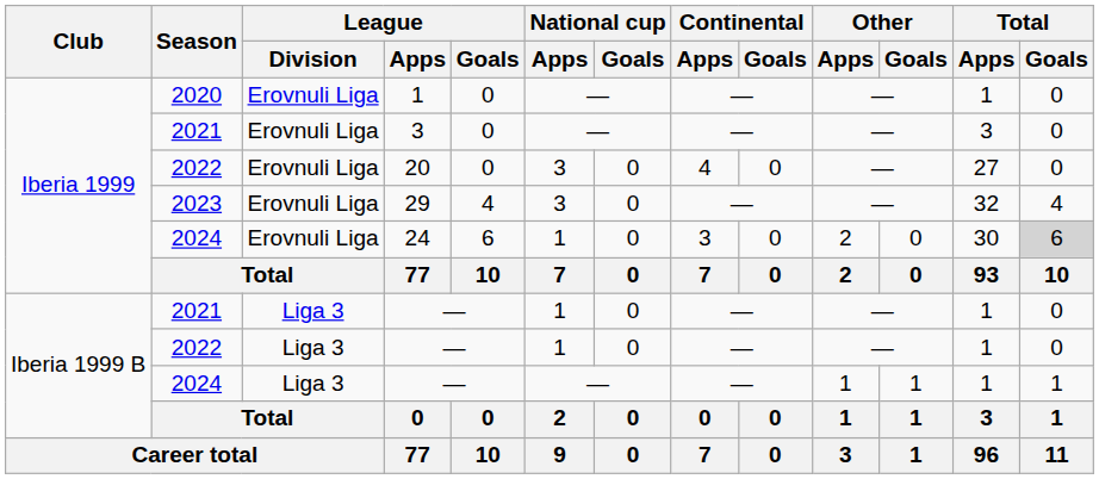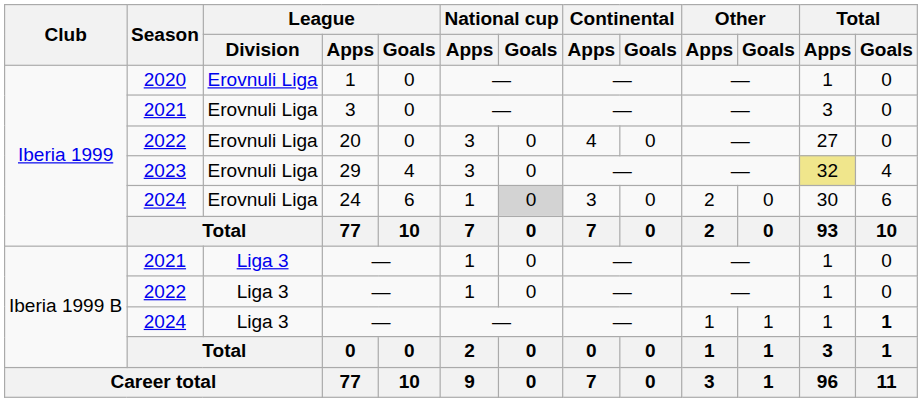 <table class="wikitable" style="text-align:center">
 <tr>
 <th rowspan="2">Club</th>
 <th rowspan="2">Season</th>
 <th colspan="3">League</th>
 <th colspan="2">National cup</th>
 <th colspan="2">Continental</th>
 <th colspan="2">Other</th>
 <th colspan="2">Total</th>
 </tr>
 <tr>
 <th>Division</th>
 <th>Apps</th>
 <th>Goals</th>
 <th>Apps</th>
 <th>Goals</th>
 <th>Apps</th>
 <th>Goals</th>
 <th>Apps</th>
 <th>Goals</th>
 <th>Apps</th>
 <th>Goals</th>
 </tr>
 <tr>
 <td rowspan="6"><a href='#'>Iberia 1999</a></td>
 <td><a href='#'>2020</a></td>
 <td><a href='#'>Erovnuli Liga</a></td>
 <td>1</td>
 <td>0</td>
 <td colspan="2">—</td>
 <td colspan="2">—</td>
 <td colspan="2">—</td>
 <td>1</td>
 <td>0</td>
 </tr>
 <tr>
 <td><a href='#'>2021</a></td>
 <td>Erovnuli Liga</td>
 <td>3</td>
 <td>0</td>
 <td colspan="2">—</td>
 <td colspan="2">—</td>
 <td colspan="2">—</td>
 <td>3</td>
 <td>0</td>
 </tr>
 <tr>
 <td><a href='#'>2022</a></td>
 <td>Erovnuli Liga</td>
 <td>20</td>
 <td>0</td>
 <td>3</td>
 <td>0</td>
 <td>4</td>
 <td>0</td>
 <td colspan="2">—</td>
 <td>27</td>
 <td>0</td>
 </tr>
 <tr>
 <td><a href='#'>2023</a></td>
 <td>Erovnuli Liga</td>
 <td>29</td>
 <td>4</td>
 <td>3</td>
 <td>0</td>
 <td colspan="2">—</td>
 <td colspan="2">—</td>
-<td>32</td>
+<td style="background: khaki;">32</td>
 <td>4</td>
 </tr>
 <tr>
 <td><a href='#'>2024</a></td>
 <td>Erovnuli Liga</td>
 <td>24</td>
 <td>6</td>
 <td>1</td>
-<td>0</td>
+<td style="background: lightgrey;">0</td>
 <td>3</td>
 <td>0</td>
 <td>2</td>
 <td>0</td>
 <td>30</td>
-<td style="background: lightgrey;">6</td>
+<td>6</td>
 </tr>
 <tr>
 <th colspan="2">Total</th>
 <th>77</th>
 <th>10</th>
 <th>7</th>
 <th>0</th>
 <th>7</th>
 <th>0</th>
 <th>2</th>
 <th>0</th>
 <th>93</th>
 <th>10</th>
 </tr>
 <tr>
 <td rowspan="4">Iberia 1999 B</td>
 <td><a href='#'>2021</a></td>
 <td><a href='#'>Liga 3</a></td>
 <td colspan="2">—</td>
 <td>1</td>
 <td>0</td>
 <td colspan="2">—</td>
 <td colspan="2">—</td>
 <td>1</td>
 <td>0</td>
 </tr>
 <tr>
 <td><a href='#'>2022</a></td>
 <td>Liga 3</td>
 <td colspan="2">—</td>
 <td>1</td>
 <td>0</td>
 <td colspan="2">—</td>
 <td colspan="2">—</td>
 <td>1</td>
 <td>0</td>
 </tr>
 <tr>
 <td><a href='#'>2024</a></td>
 <td>Liga 3</td>
 <td colspan="2">—</td>
 <td colspan="2">—</td>
 <td colspan="2">—</td>
 <td>1</td>
 <td>1</td>
 <td>1</td>
-<td>1</td>
+<td><strong>1</strong></td>
 </tr>
 <tr>
 <th colspan="2">Total</th>
 <th>0</th>
 <th>0</th>
 <th>2</th>
 <th>0</th>
 <th>0</th>
 <th>0</th>
 <th>1</th>
 <th>1</th>
 <th>3</th>
 <th>1</th>
 </tr>
 <tr>
 <th colspan="3">Career total</th>
 <th>77</th>
 <th>10</th>
 <th>9</th>
 <th>0</th>
 <th>7</th>
 <th>0</th>
 <th>3</th>
 <th>1</th>
 <th>96</th>
 <th>11</th>
 </tr>
 </table>
